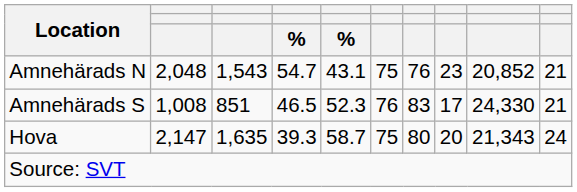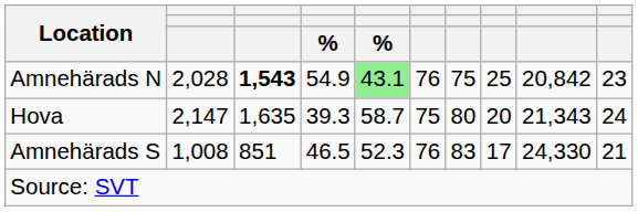 <table role="presentation" class="wikitable sortable mw-collapsible">
 <tr>
 <th rowspan="3">Location</th>
 <th></th>
 <th></th>
 <th></th>
 <th></th>
 <th></th>
 <th></th>
 <th></th>
 <th></th>
 <th></th>
 </tr>
 <tr>
 <th></th>
 <th></th>
 <th style="background:"></th>
 <th style="background:"></th>
 <th></th>
 <th></th>
 <th></th>
 <th></th>
 <th></th>
 </tr>
 <tr>
 <th data-sort-type="number"></th>
 <th data-sort-type="number"></th>
 <th data-sort-type="number">%</th>
 <th data-sort-type="number">%</th>
 <th data-sort-type="number"></th>
 <th data-sort-type="number"></th>
 <th data-sort-type="number"></th>
 <th data-sort-type="number"></th>
 <th data-sort-type="number"></th>
 </tr>
 <tr>
 <td align="left">Amnehärads N</td>
-<td>2,048</td>
-<td>1,543</td>
-<td>54.7</td>
-<td>43.1</td>
+<td>2,028</td>
+<td><strong>1,543</strong></td>
+<td>54.9</td>
+<td style="background: lightgreen;">43.1</td>
+<td>76</td>
 <td>75</td>
-<td>76</td>
+<td>25</td>
+<td>20,842</td>
 <td>23</td>
-<td>20,852</td>
-<td>21</td>
+</tr>
+<tr>
+<td align="left">Hova</td>
+<td>2,147</td>
+<td>1,635</td>
+<td>39.3</td>
+<td>58.7</td>
+<td>75</td>
+<td>80</td>
+<td>20</td>
+<td>21,343</td>
+<td>24</td>
 </tr>
 <tr>
 <td align="left">Amnehärads S</td>
 <td>1,008</td>
 <td>851</td>
 <td>46.5</td>
 <td>52.3</td>
 <td>76</td>
 <td>83</td>
 <td>17</td>
 <td>24,330</td>
 <td>21</td>
 </tr>
 <tr>
-<td align="left">Hova</td>
-<td>2,147</td>
-<td>1,635</td>
-<td>39.3</td>
-<td>58.7</td>
-<td>75</td>
-<td>80</td>
-<td>20</td>
-<td>21,343</td>
-<td>24</td>
-</tr>
-<tr>
 <td colspan="10" align="left">Source: <a href='#'>SVT</a></td>
 </tr>
 </table>
